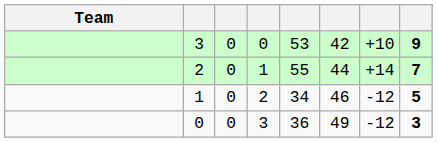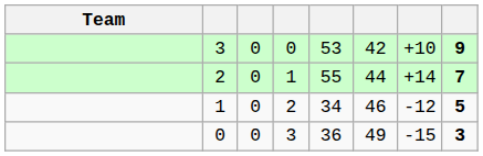 <table class="wikitable" style="text-align:center;">
 <tr>
 <th style="width:10.5em;">Team</th>
 <th style="width:1.5em;"></th>
 <th style="width:1.5em;"></th>
 <th style="width:1.5em;"></th>
 <th style="width:2.0em;"></th>
 <th style="width:2.0em;"></th>
 <th style="width:2.0em;"></th>
 <th style="width:1.5em;"></th>
 </tr>
 <tr bgcolor="#cfc">
 <td align="left"></td>
 <td>3</td>
 <td>0</td>
 <td>0</td>
 <td>53</td>
 <td>42</td>
 <td>+10</td>
 <td><strong>9</strong></td>
 </tr>
 <tr bgcolor="#cfc">
 <td align="left"></td>
 <td>2</td>
 <td>0</td>
 <td>1</td>
 <td>55</td>
 <td>44</td>
 <td>+14</td>
 <td><strong>7</strong></td>
 </tr>
 <tr>
 <td align="left"></td>
 <td>1</td>
 <td>0</td>
 <td>2</td>
 <td>34</td>
 <td>46</td>
 <td>-12</td>
 <td><strong>5</strong></td>
 </tr>
 <tr>
 <td align="left"></td>
 <td>0</td>
 <td>0</td>
 <td>3</td>
 <td>36</td>
 <td>49</td>
-<td>-12</td>
+<td>-15</td>
 <td><strong>3</strong></td>
 </tr>
 </table>
